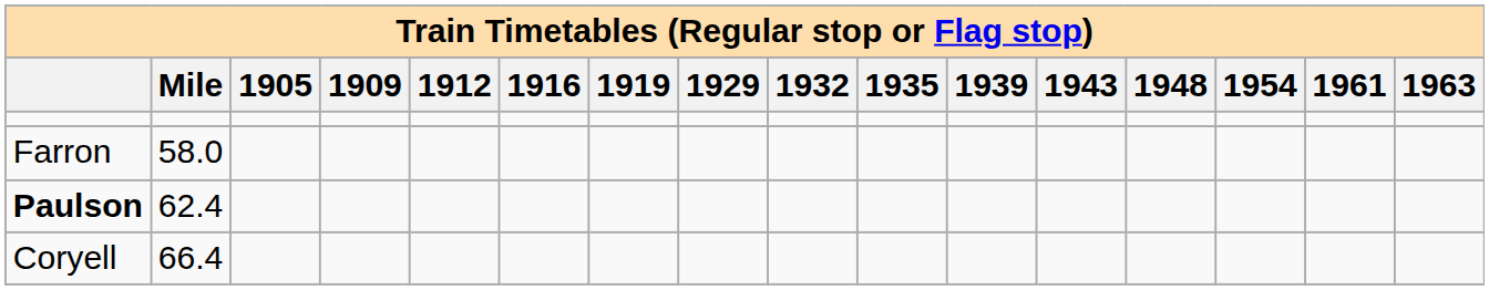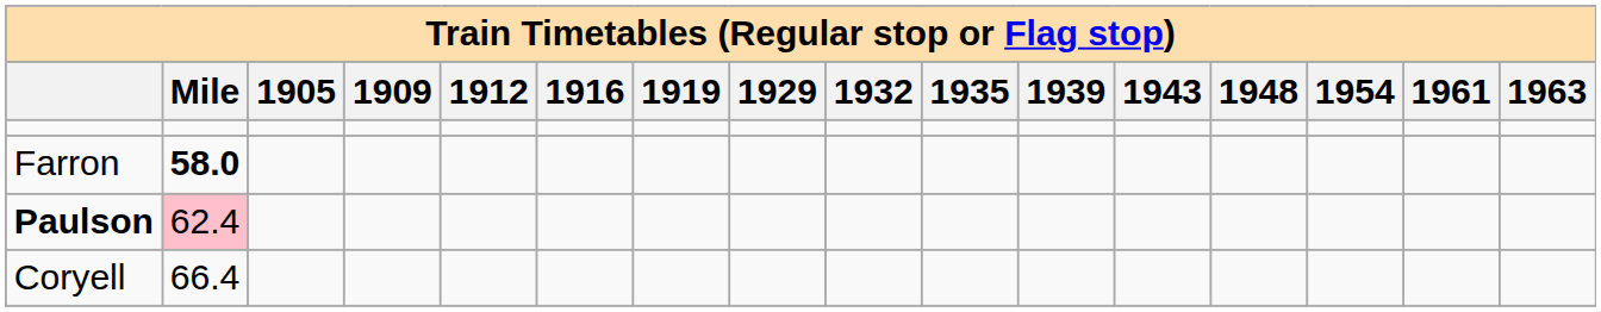 <table class="wikitable">
 <tr>
 <th colspan="16" style="background:#ffdead;">Train Timetables (Regular stop or <a href='#'>Flag stop</a>)</th>
 </tr>
 <tr>
 <th></th>
 <th>Mile</th>
 <th>1905</th>
 <th>1909</th>
 <th>1912</th>
 <th>1916</th>
 <th>1919</th>
 <th>1929</th>
 <th>1932</th>
 <th>1935</th>
 <th>1939</th>
 <th>1943</th>
 <th>1948</th>
 <th>1954</th>
 <th>1961</th>
 <th>1963</th>
 </tr>
 <tr>
 <td></td>
 <td></td>
 <td></td>
 <td></td>
 <td></td>
 <td></td>
 <td></td>
 <td></td>
 <td></td>
 <td></td>
 <td></td>
 <td></td>
 <td></td>
 <td></td>
 <td></td>
 <td></td>
 </tr>
 <tr>
 <td>Farron</td>
-<td>58.0</td>
+<td><strong>58.0</strong></td>
 <td></td>
 <td></td>
 <td></td>
 <td></td>
 <td></td>
 <td></td>
 <td></td>
 <td></td>
 <td></td>
 <td></td>
 <td></td>
 <td></td>
 <td></td>
 <td></td>
 </tr>
 <tr>
 <td><strong>Paulson</strong></td>
-<td>62.4</td>
+<td style="background: pink;">62.4</td>
 <td></td>
 <td></td>
 <td></td>
 <td></td>
 <td></td>
 <td></td>
 <td></td>
 <td></td>
 <td></td>
 <td></td>
 <td></td>
 <td></td>
 <td></td>
 <td></td>
 </tr>
 <tr>
 <td>Coryell</td>
 <td>66.4</td>
 <td></td>
 <td></td>
 <td></td>
 <td></td>
 <td></td>
 <td></td>
 <td></td>
 <td></td>
 <td></td>
 <td></td>
 <td></td>
 <td></td>
 <td></td>
 <td></td>
 </tr>
 </table>
